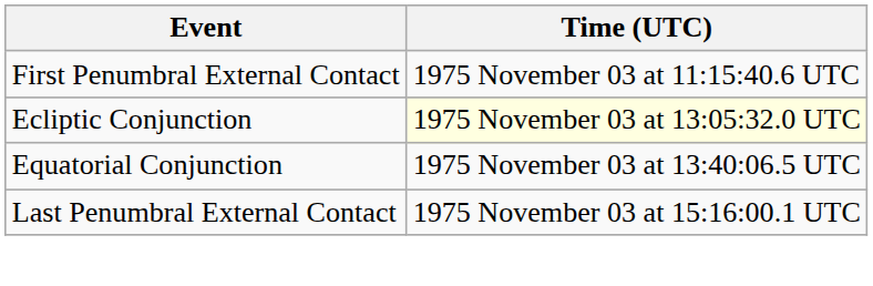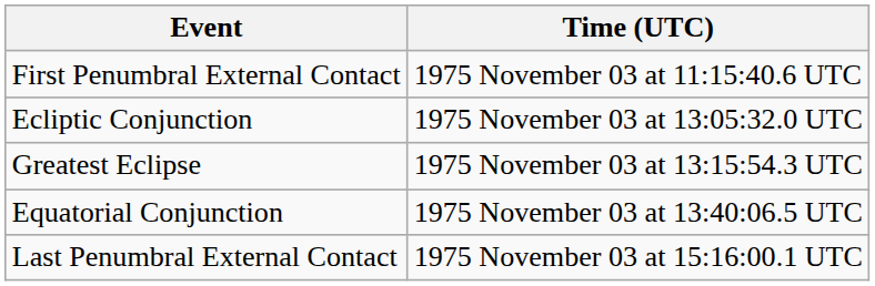 <table class="wikitable">
 <tr>
 <th>Event</th>
 <th>Time (UTC)</th>
 </tr>
 <tr>
 <td>First Penumbral External Contact</td>
 <td>1975 November 03 at 11:15:40.6 UTC</td>
 </tr>
 <tr>
 <td>Ecliptic Conjunction</td>
-<td style="background: lightyellow;">1975 November 03 at 13:05:32.0 UTC</td>
+<td>1975 November 03 at 13:05:32.0 UTC</td>
+</tr>
+<tr>
+<td>Greatest Eclipse</td>
+<td>1975 November 03 at 13:15:54.3 UTC</td>
 </tr>
 <tr>
 <td>Equatorial Conjunction</td>
 <td>1975 November 03 at 13:40:06.5 UTC</td>
 </tr>
 <tr>
 <td>Last Penumbral External Contact</td>
 <td>1975 November 03 at 15:16:00.1 UTC</td>
 </tr>
 </table>
